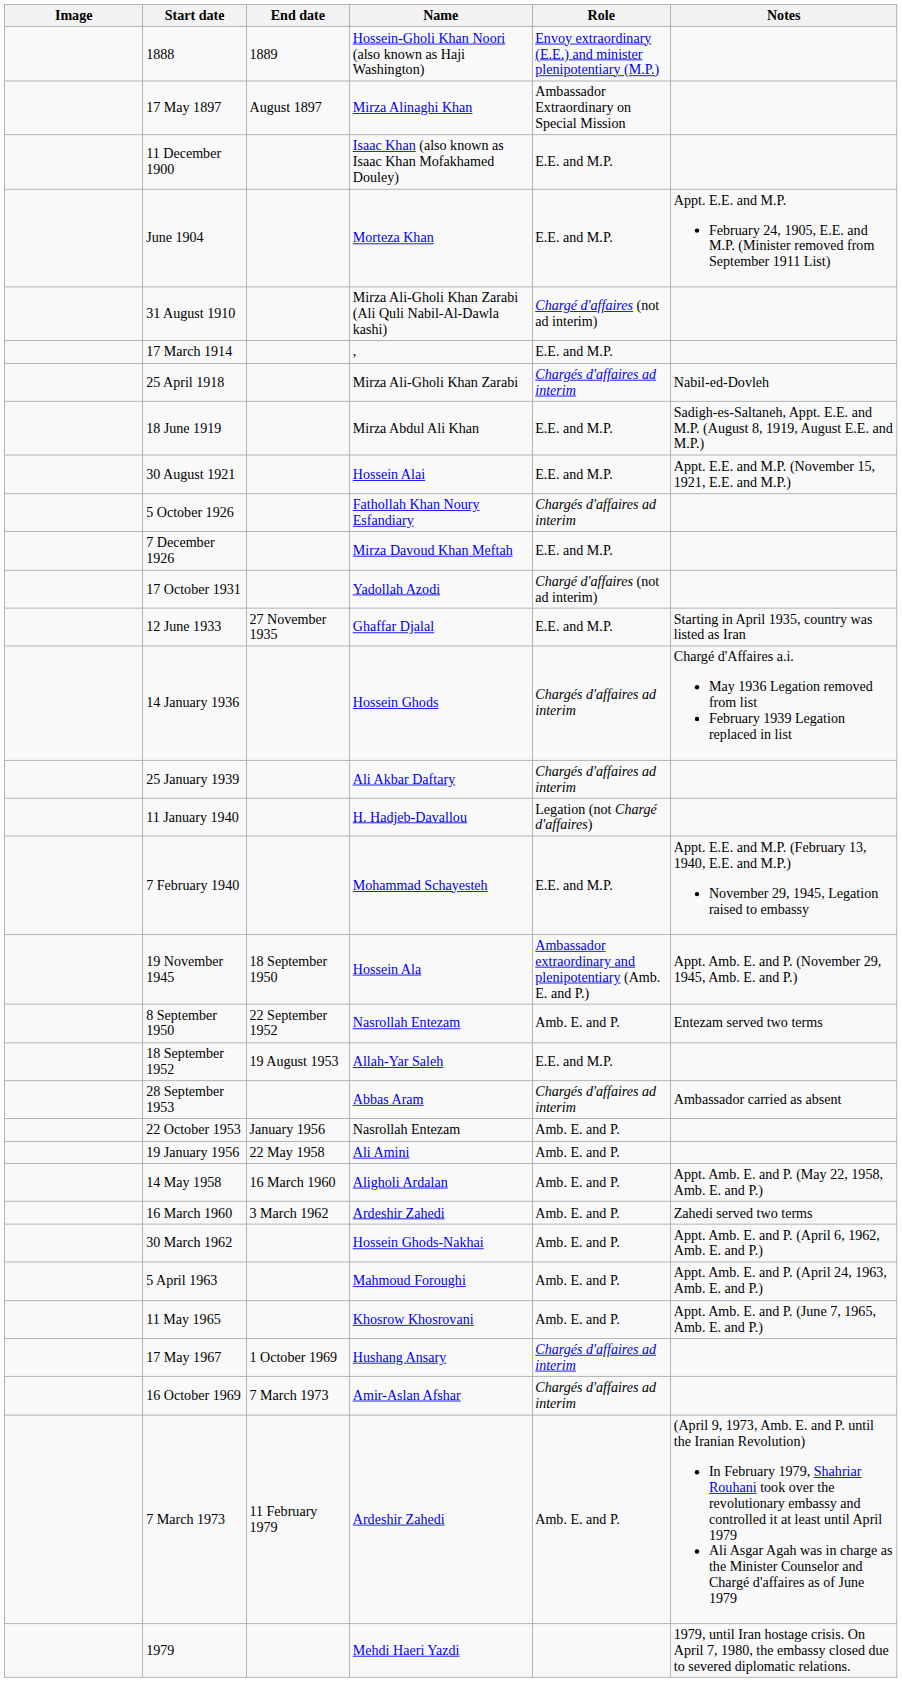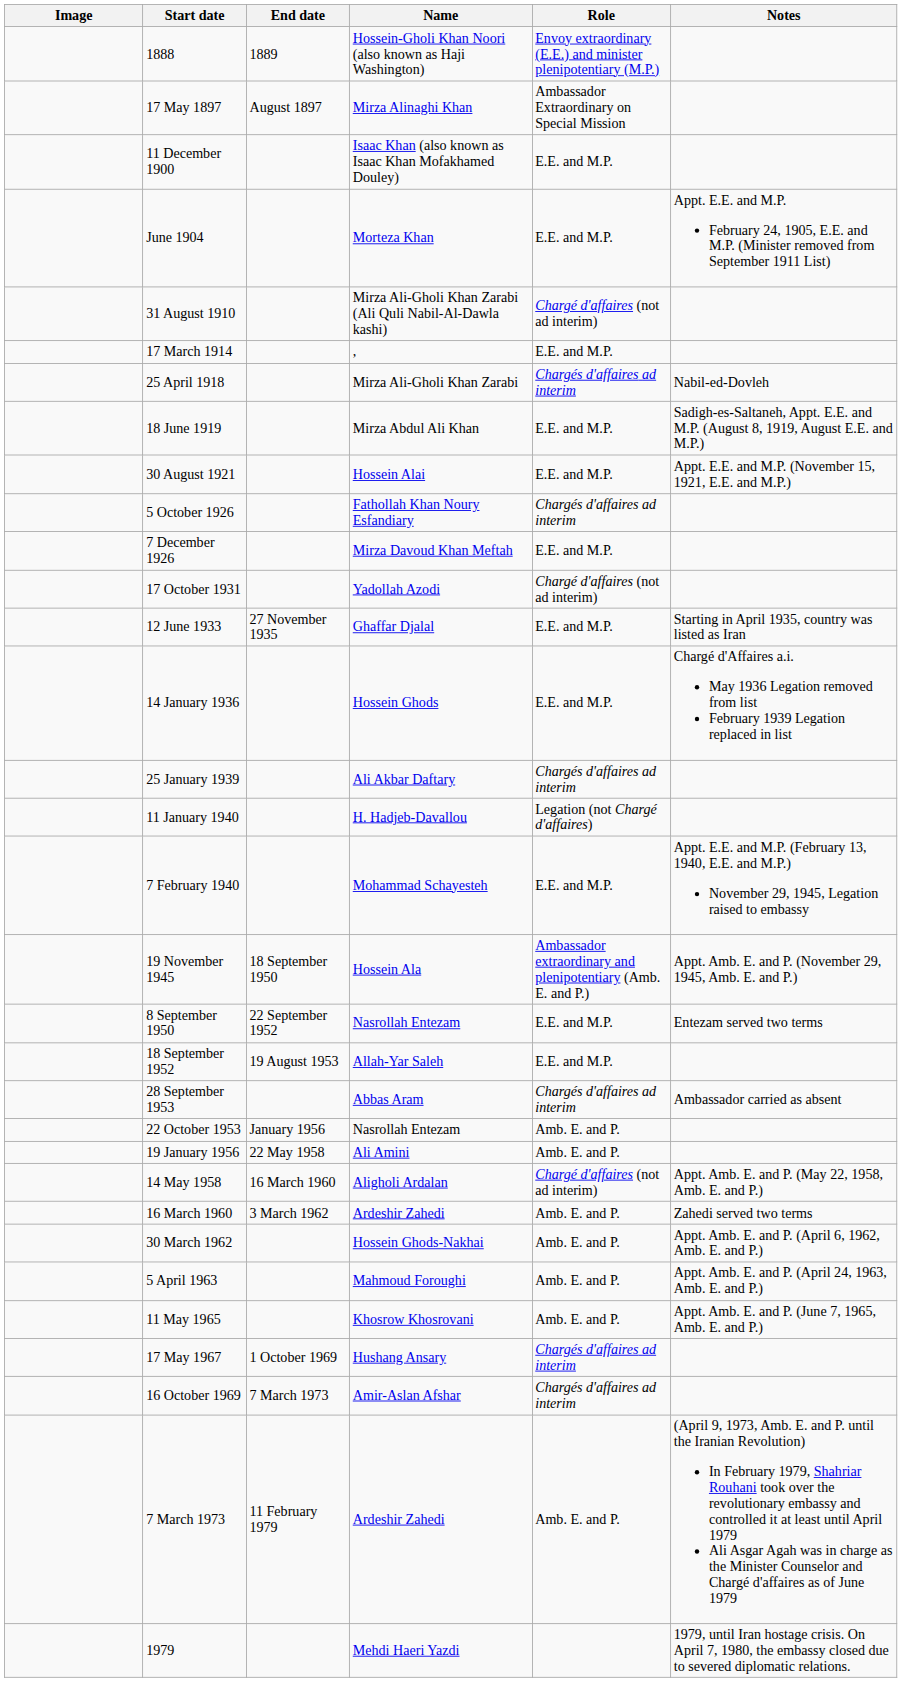 <table class="wikitable sortable">
 <tr>
 <th width="150pt">Image</th>
 <th width="110pt">Start date</th>
 <th width="110pt">End date</th>
 <th width="200pt">Name</th>
 <th width="150pt">Role</th>
 <th width="250pt">Notes</th>
 </tr>
 <tr>
 <td></td>
 <td>1888</td>
 <td>1889</td>
 <td><a href='#'>Hossein-Gholi Khan Noori</a> (also known as Haji Washington)</td>
 <td><a href='#'>Envoy extraordinary (E.E.) and minister plenipotentiary (M.P.)</a></td>
 <td></td>
 </tr>
 <tr>
 <td></td>
 <td>17 May 1897</td>
 <td>August 1897</td>
 <td><a href='#'>Mirza Alinaghi Khan</a></td>
 <td>Ambassador Extraordinary on Special Mission</td>
 <td></td>
 </tr>
 <tr>
 <td></td>
 <td>11 December 1900</td>
 <td></td>
 <td><a href='#'>Isaac Khan</a> (also known as Isaac Khan Mofakhamed Douley)</td>
 <td>E.E. and M.P.</td>
 <td></td>
 </tr>
 <tr>
 <td></td>
 <td>June 1904</td>
 <td></td>
 <td><a href='#'>Morteza Khan</a></td>
 <td>E.E. and M.P.</td>
 <td>Appt. E.E. and M.P.<br><ul><li>February 24, 1905, E.E. and M.P. (Minister removed from September 1911 List)</li></ul></td>
 </tr>
 <tr>
 <td></td>
 <td>31 August 1910</td>
 <td></td>
 <td>Mirza Ali-Gholi Khan Zarabi (Ali Quli Nabil-Al-Dawla kashi)</td>
 <td><em><a href='#'>Chargé d'affaires</a></em> (not ad interim)</td>
 <td></td>
 </tr>
 <tr>
 <td></td>
 <td>17 March 1914</td>
 <td></td>
 <td>,</td>
 <td>E.E. and M.P.</td>
 <td></td>
 </tr>
 <tr>
 <td></td>
 <td>25 April 1918</td>
 <td></td>
 <td>Mirza Ali-Gholi Khan ‌Zarabi</td>
 <td><a href='#'><em>Chargés d'affaires</em> <em>ad interim</em></a></td>
 <td>Nabil-ed-Dovleh</td>
 </tr>
 <tr>
 <td></td>
 <td>18 June 1919</td>
 <td></td>
 <td>Mirza Abdul Ali Khan</td>
 <td>E.E. and M.P.</td>
 <td>Sadigh-es-Saltaneh, Appt. E.E. and M.P. (August 8, 1919, August E.E. and M.P.)</td>
 </tr>
 <tr>
 <td></td>
 <td>30 August 1921</td>
 <td></td>
 <td><a href='#'>Hossein Alai</a></td>
 <td>E.E. and M.P.</td>
 <td>Appt. E.E. and M.P. (November 15, 1921, E.E. and M.P.)</td>
 </tr>
 <tr>
 <td></td>
 <td>5 October 1926</td>
 <td></td>
 <td><a href='#'>Fathollah Khan Noury Esfandiary</a></td>
 <td><em>Chargés d'affaires</em> <em>ad interim</em></td>
 <td></td>
 </tr>
 <tr>
 <td></td>
 <td>7 December 1926</td>
 <td></td>
 <td><a href='#'>Mirza Davoud Khan Meftah</a></td>
 <td>E.E. and M.P.</td>
 <td></td>
 </tr>
 <tr>
 <td></td>
 <td>17 October 1931</td>
 <td></td>
 <td><a href='#'>Yadollah Azodi</a></td>
 <td><em>Chargé d'affaires</em> (not ad interim)</td>
 <td></td>
 </tr>
 <tr>
 <td></td>
 <td>12 June 1933</td>
 <td>27  November 1935</td>
 <td><a href='#'>Ghaffar Djalal</a></td>
 <td>E.E. and M.P.</td>
 <td>Starting in April 1935, country was listed as Iran</td>
 </tr>
 <tr>
 <td></td>
 <td>14 January 1936</td>
 <td></td>
 <td><a href='#'>Hossein Ghods</a></td>
-<td><em>Chargés d'affaires</em> <em>ad interim</em></td>
+<td>E.E. and M.P.</td>
 <td>Chargé d'Affaires a.i.<br><ul><li>May 1936 Legation removed from list</li><li>February 1939 Legation replaced in list</li></ul></td>
 </tr>
 <tr>
 <td></td>
 <td>25 January 1939</td>
 <td></td>
 <td><a href='#'>Ali Akbar Daftary</a></td>
 <td><em>Chargés d'affaires</em> <em>ad interim</em></td>
 <td></td>
 </tr>
 <tr>
 <td></td>
 <td>11 January 1940</td>
 <td></td>
 <td><a href='#'>H. Hadjeb-Davallou</a></td>
 <td>Legation (not <em>Chargé d'affaires</em>)</td>
 <td></td>
 </tr>
 <tr>
 <td></td>
 <td>7 February 1940</td>
 <td></td>
 <td><a href='#'>Mohammad Schayesteh</a></td>
 <td>E.E. and M.P.</td>
 <td>Appt. E.E. and M.P. (February 13, 1940, E.E. and M.P.)<br><ul><li>November 29, 1945, Legation raised to embassy</li></ul></td>
 </tr>
 <tr>
 <td></td>
 <td>19 November 1945</td>
 <td>18 September 1950</td>
 <td><a href='#'>Hossein Ala</a></td>
 <td><a href='#'>Ambassador extraordinary and plenipotentiary</a> (Amb. E. and P.)</td>
 <td>Appt. Amb. E. and P. (November 29, 1945, Amb. E. and P.)</td>
 </tr>
 <tr>
 <td></td>
 <td>8 September 1950</td>
 <td>22 September 1952</td>
 <td><a href='#'>Nasrollah Entezam</a></td>
-<td>Amb. E. and P.</td>
+<td>E.E. and M.P.</td>
 <td>Entezam served two terms</td>
 </tr>
 <tr>
 <td></td>
 <td>18 September 1952</td>
 <td>19 August 1953</td>
 <td><a href='#'>Allah-Yar Saleh</a></td>
 <td>E.E. and M.P.</td>
 <td></td>
 </tr>
 <tr>
 <td></td>
 <td>28 September 1953</td>
 <td></td>
 <td><a href='#'>Abbas Aram</a></td>
 <td><em>Chargés d'affaires</em> <em>ad interim</em></td>
 <td>Ambassador carried as absent</td>
 </tr>
 <tr>
 <td></td>
 <td>22 October 1953</td>
 <td>January 1956</td>
 <td>Nasrollah Entezam</td>
 <td>Amb. E. and P.</td>
 <td></td>
 </tr>
 <tr>
 <td></td>
 <td>19 January 1956</td>
 <td>22 May 1958</td>
 <td><a href='#'>Ali Amini</a></td>
 <td>Amb. E. and P.</td>
 <td></td>
 </tr>
 <tr>
 <td></td>
 <td>14 May 1958</td>
 <td>16 March 1960</td>
 <td><a href='#'>Aligholi Ardalan</a></td>
-<td>Amb. E. and P.</td>
+<td><em><a href='#'>Chargé d'affaires</a></em> (not ad interim)</td>
 <td>Appt. Amb. E. and P. (May 22, 1958, Amb. E. and P.)</td>
 </tr>
 <tr>
 <td></td>
 <td>16 March 1960</td>
 <td>3 March 1962</td>
 <td><a href='#'>Ardeshir Zahedi</a></td>
 <td>Amb. E. and P.</td>
 <td>Zahedi served two terms</td>
 </tr>
 <tr>
 <td></td>
 <td>30 March 1962</td>
 <td></td>
 <td><a href='#'>Hossein Ghods-Nakhai</a></td>
 <td>Amb. E. and P.</td>
 <td>Appt. Amb. E. and P. (April 6, 1962, Amb. E. and P.)</td>
 </tr>
 <tr>
 <td></td>
 <td>5 April 1963</td>
 <td></td>
 <td><a href='#'>Mahmoud Foroughi</a></td>
 <td>Amb. E. and P.</td>
 <td>Appt. Amb. E. and P. (April 24, 1963, Amb. E. and P.)</td>
 </tr>
 <tr>
 <td></td>
 <td>11 May 1965</td>
 <td></td>
 <td><a href='#'>Khosrow Khosrovani</a></td>
 <td>Amb. E. and P.</td>
 <td>Appt. Amb. E. and P. (June 7, 1965, Amb. E. and P.)</td>
 </tr>
 <tr>
 <td></td>
 <td>17 May 1967</td>
 <td>1 October 1969</td>
 <td><a href='#'>Hushang Ansary</a></td>
 <td><a href='#'><em>Chargés d'affaires</em> <em>ad interim</em></a></td>
 <td></td>
 </tr>
 <tr>
 <td></td>
 <td>16 October 1969</td>
 <td>7 March 1973</td>
 <td><a href='#'>Amir-Aslan Afshar</a></td>
 <td><em>Chargés d'affaires</em> <em>ad interim</em></td>
 <td></td>
 </tr>
 <tr>
 <td></td>
 <td>7 March 1973</td>
 <td>11 February 1979</td>
 <td><a href='#'>Ardeshir Zahedi</a></td>
 <td>Amb. E. and P.</td>
 <td>(April 9, 1973, Amb. E. and P. until the Iranian Revolution)<br><ul><li>In February 1979, <a href='#'>Shahriar Rouhani</a> took over the revolutionary embassy and controlled it at least until April 1979</li><li>Ali Asgar Agah was in charge as the Minister Counselor and Chargé d'affaires as of June 1979</li></ul></td>
 </tr>
 <tr>
 <td></td>
 <td>1979</td>
 <td></td>
 <td><a href='#'>Mehdi Haeri Yazdi</a></td>
 <td></td>
 <td>1979, until Iran hostage crisis. On April 7, 1980, the embassy closed due to severed diplomatic relations.<br></td>
 </tr>
 </table>
